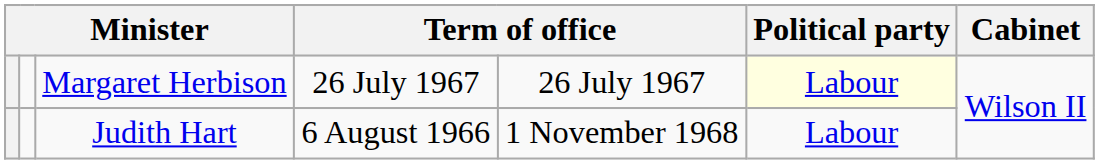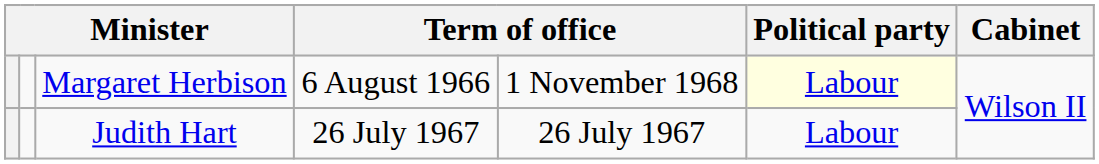 <table class="wikitable" style="text-align:center">
 <tr style="height:1em">
 <th colspan=3>Minister</th>
 <th colspan=2>Term of office</th>
 <th>Political party</th>
 <th>Cabinet</th>
 </tr>
 <tr style="height:1em">
 <th style="background-color:"></th>
 <td></td>
 <td><a href='#'>Margaret Herbison</a></td>
-<td>26 July 1967</td>
-<td>26 July 1967</td>
+<td>6 August 1966</td>
+<td>1 November 1968</td>
 <td style="background: lightyellow;"><a href='#'>Labour</a></td>
 <td rowspan="2" ><a href='#'>Wilson II</a></td>
 </tr>
 <tr style="height:1em">
 <th style="background-color:"></th>
 <td></td>
 <td><a href='#'>Judith Hart</a></td>
-<td>6 August 1966</td>
-<td>1 November 1968</td>
+<td>26 July 1967</td>
+<td>26 July 1967</td>
 <td><a href='#'>Labour</a></td>
 </tr>
 </table>
